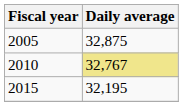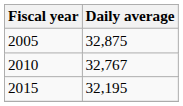 <table class="wikitable">
 <tr>
 <th>Fiscal year</th>
 <th>Daily average</th>
 </tr>
 <tr>
 <td>2005</td>
 <td>32,875</td>
 </tr>
 <tr>
 <td>2010</td>
-<td style="background: khaki;">32,767</td>
+<td>32,767</td>
 </tr>
 <tr>
 <td>2015</td>
 <td>32,195</td>
 </tr>
 <tr>
 </tr>
 </table>
